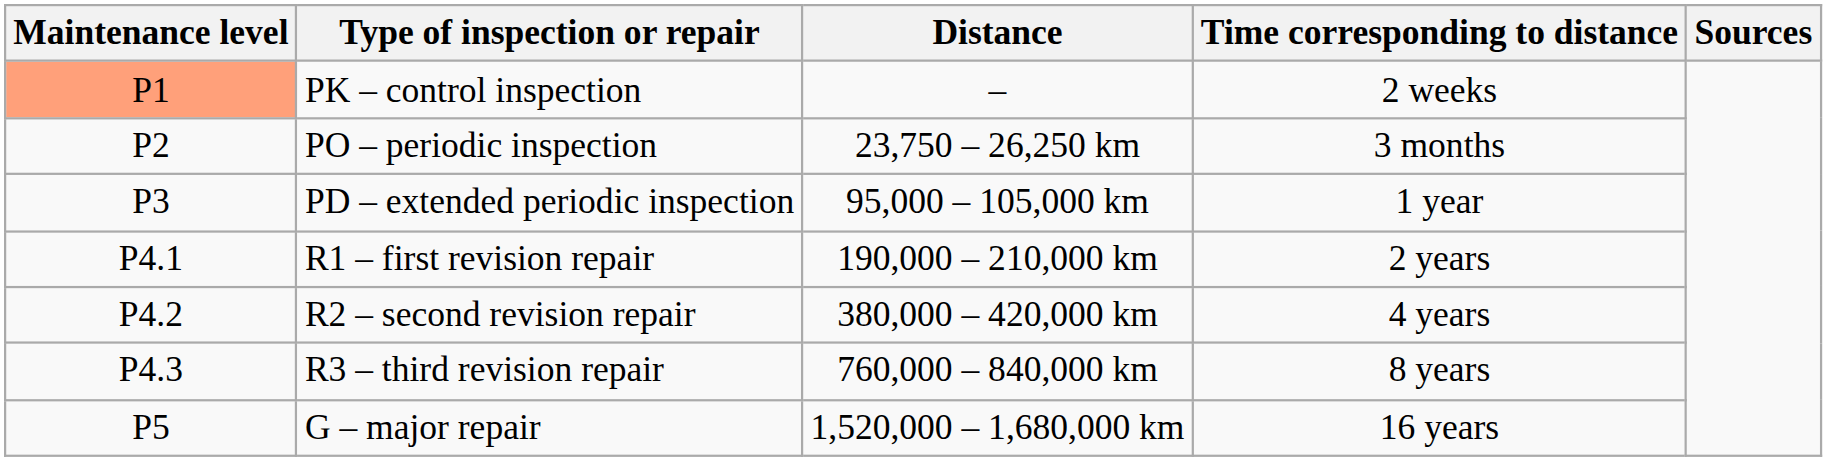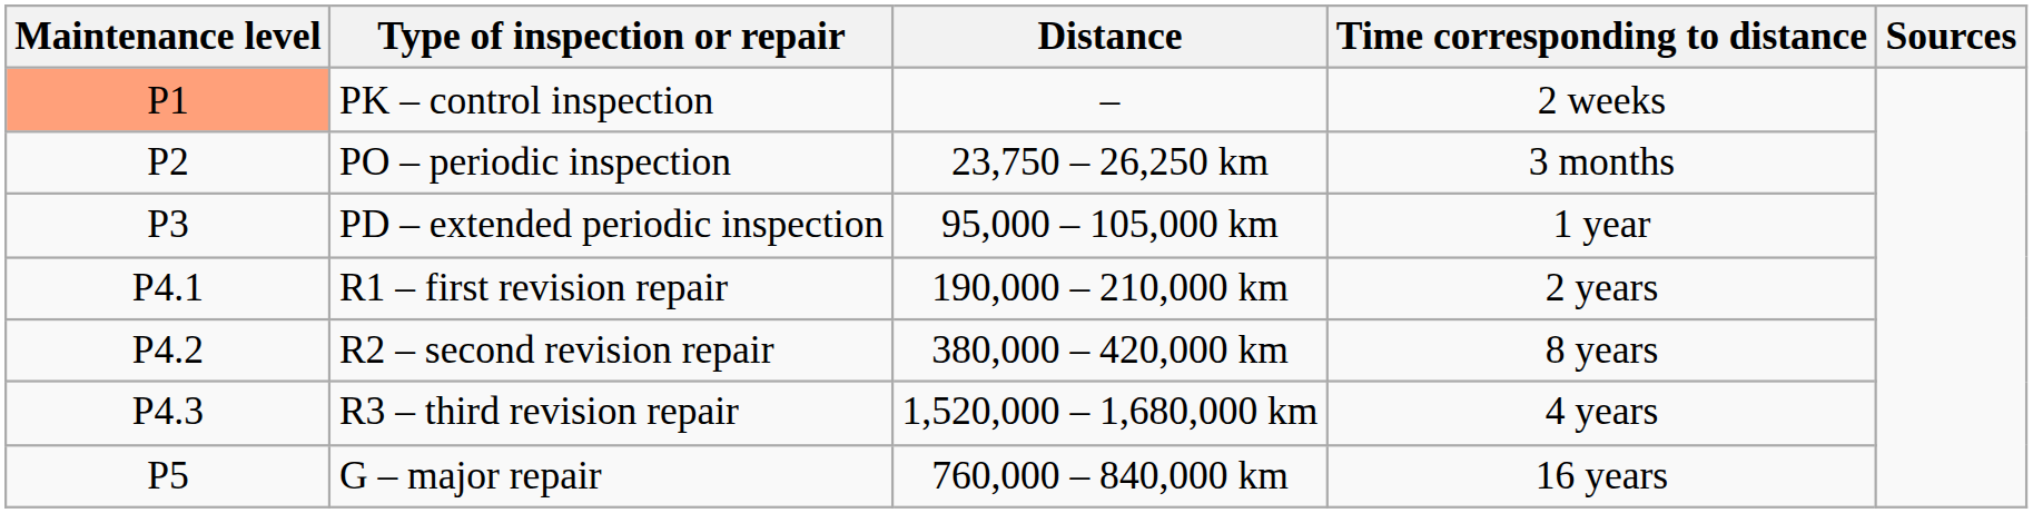 <table class="wikitable" style="text-align:center;">
 <tr>
 <th>Maintenance level</th>
 <th>Type of inspection or repair</th>
 <th>Distance</th>
 <th>Time corresponding to distance</th>
 <th>Sources</th>
 </tr>
 <tr>
 <td style="background: lightsalmon;">P1</td>
 <td align="left">PK – control inspection</td>
 <td>–</td>
 <td>2 weeks</td>
 <td rowspan="7"></td>
 </tr>
 <tr>
 <td>P2</td>
 <td align="left">PO – periodic inspection</td>
 <td>23,750 – 26,250 km</td>
 <td>3 months</td>
 </tr>
 <tr>
 <td>P3</td>
 <td align="left">PD – extended periodic inspection</td>
 <td>95,000 – 105,000 km</td>
 <td>1 year</td>
 </tr>
 <tr>
 <td>P4.1</td>
 <td align="left">R1 – first revision repair</td>
 <td>190,000 – 210,000 km</td>
 <td>2 years</td>
 </tr>
 <tr>
 <td>P4.2</td>
 <td align="left">R2 – second revision repair</td>
 <td>380,000 – 420,000 km</td>
-<td>4 years</td>
+<td>8 years</td>
 </tr>
 <tr>
 <td>P4.3</td>
 <td align="left">R3 – third revision repair</td>
-<td>760,000 – 840,000 km</td>
-<td>8 years</td>
+<td>1,520,000 – 1,680,000 km</td>
+<td>4 years</td>
 </tr>
 <tr>
 <td>P5</td>
 <td align="left">G – major repair</td>
-<td>1,520,000 – 1,680,000 km</td>
+<td>760,000 – 840,000 km</td>
 <td>16 years</td>
 </tr>
 </table>
